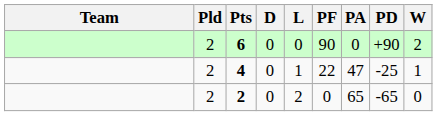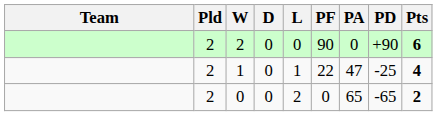 <table class="wikitable" style="text-align:center;">
 <tr>
 <th width=175>Team</th>
 <th width=20 abbr="Played">Pld</th>
-<th width=20 abbr="Points">Pts</th>
+<th width=20 abbr="Won">W</th>
 <th width=20 abbr="Drawn">D</th>
 <th width=20 abbr="Lost">L</th>
 <th width=20 abbr="Points for">PF</th>
 <th width=20 abbr="Points against">PA</th>
 <th width=25 abbr="Points difference">PD</th>
-<th width=20 abbr="Won">W</th>
+<th width=20 abbr="Points">Pts</th>
 </tr>
 <tr style="background:#ccffcc">
 <td align=left></td>
 <td>2</td>
-<td><strong>6</strong></td>
+<td>2</td>
 <td>0</td>
 <td>0</td>
 <td>90</td>
 <td>0</td>
 <td>+90</td>
-<td>2</td>
+<td><strong>6</strong></td>
 </tr>
 <tr>
 <td align=left></td>
 <td>2</td>
-<td><strong>4</strong></td>
+<td>1</td>
 <td>0</td>
 <td>1</td>
 <td>22</td>
 <td>47</td>
 <td>-25</td>
-<td>1</td>
+<td><strong>4</strong></td>
 </tr>
 <tr>
 <td align=left></td>
 <td>2</td>
-<td><strong>2</strong></td>
+<td>0</td>
 <td>0</td>
 <td>2</td>
 <td>0</td>
 <td>65</td>
 <td>-65</td>
-<td>0</td>
+<td><strong>2</strong></td>
 </tr>
 </table>
